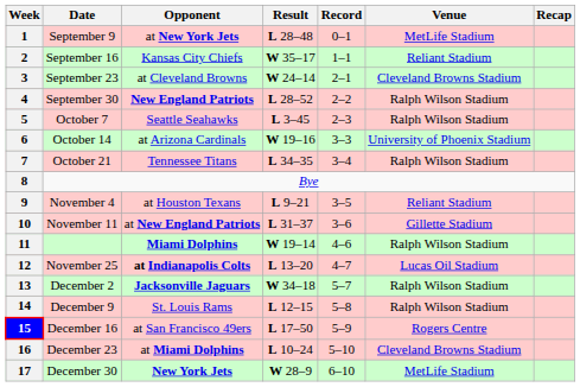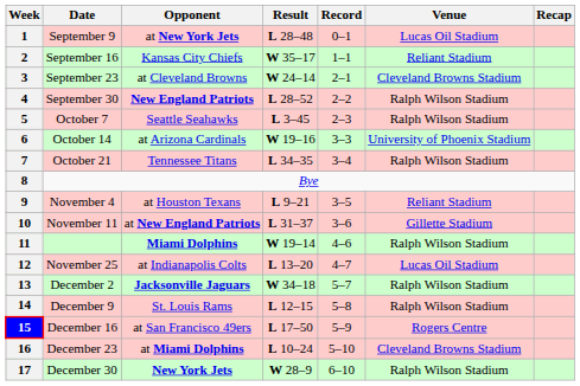 <table class="wikitable" style="text-align:center">
 <tr>
 <th>Week</th>
 <th>Date</th>
 <th>Opponent</th>
 <th>Result</th>
 <th>Record</th>
 <th>Venue</th>
 <th>Recap</th>
 </tr>
 <tr style="background:#fcc">
 <th>1</th>
 <td>September 9</td>
 <td>at <strong><a href='#'>New York Jets</a></strong></td>
 <td><strong>L</strong> 28–48</td>
 <td>0–1</td>
-<td><a href='#'>MetLife Stadium</a></td>
+<td><a href='#'>Lucas Oil Stadium</a></td>
 <td></td>
 </tr>
 <tr style="background:#cfc">
 <th>2</th>
 <td>September 16</td>
 <td><a href='#'>Kansas City Chiefs</a></td>
 <td><strong>W</strong> 35–17</td>
 <td>1–1</td>
 <td><a href='#'>Reliant Stadium</a></td>
 <td></td>
 </tr>
 <tr style="background:#cfc">
 <th>3</th>
 <td>September 23</td>
 <td>at <a href='#'>Cleveland Browns</a></td>
 <td><strong>W</strong> 24–14</td>
 <td>2–1</td>
 <td><a href='#'>Cleveland Browns Stadium</a></td>
 <td></td>
 </tr>
 <tr style="background:#fcc">
 <th>4</th>
 <td>September 30</td>
 <td><strong><a href='#'>New England Patriots</a></strong></td>
 <td><strong>L</strong> 28–52</td>
 <td>2–2</td>
 <td>Ralph Wilson Stadium</td>
 <td></td>
 </tr>
 <tr style="background:#fcc">
 <th>5</th>
 <td>October 7</td>
 <td><a href='#'>Seattle Seahawks</a></td>
 <td><strong>L</strong> 3–45</td>
 <td>2–3</td>
 <td>Ralph Wilson Stadium</td>
 <td></td>
 </tr>
 <tr style="background:#cfc">
 <th>6</th>
 <td>October 14</td>
 <td>at <a href='#'>Arizona Cardinals</a></td>
 <td><strong>W</strong> 19–16 </td>
 <td>3–3</td>
 <td><a href='#'>University of Phoenix Stadium</a></td>
 <td></td>
 </tr>
 <tr style="background:#fcc">
 <th>7</th>
 <td>October 21</td>
 <td><a href='#'>Tennessee Titans</a></td>
 <td><strong>L</strong> 34–35</td>
 <td>3–4</td>
 <td>Ralph Wilson Stadium</td>
 <td></td>
 </tr>
 <tr>
 <th>8</th>
 <td colspan="6"><em><a href='#'>Bye</a></em></td>
 </tr>
 <tr style="background:#fcc">
 <th>9</th>
 <td>November 4</td>
 <td>at <a href='#'>Houston Texans</a></td>
 <td><strong>L</strong> 9–21</td>
 <td>3–5</td>
 <td><a href='#'>Reliant Stadium</a></td>
 <td></td>
 </tr>
 <tr style="background:#fcc">
 <th>10</th>
 <td>November 11</td>
 <td>at <strong><a href='#'>New England Patriots</a></strong></td>
 <td><strong>L</strong> 31–37</td>
 <td>3–6</td>
 <td><a href='#'>Gillette Stadium</a></td>
 <td></td>
 </tr>
 <tr style="background:#cfc">
 <th>11</th>
 <td></td>
 <td><strong><a href='#'>Miami Dolphins</a></strong></td>
 <td><strong>W</strong> 19–14</td>
 <td>4–6</td>
 <td>Ralph Wilson Stadium</td>
 <td></td>
 </tr>
 <tr style="background:#fcc">
 <th>12</th>
 <td>November 25</td>
-<td><strong>at <a href='#'>Indianapolis Colts</a></strong></td>
+<td>at <a href='#'>Indianapolis Colts</a></td>
 <td><strong>L</strong> 13–20</td>
 <td>4–7</td>
 <td><a href='#'>Lucas Oil Stadium</a></td>
 <td></td>
 </tr>
 <tr style="background:#cfc">
 <th>13</th>
 <td>December 2</td>
 <td><strong><a href='#'>Jacksonville Jaguars</a></strong></td>
 <td><strong>W</strong> 34–18</td>
 <td>5–7</td>
 <td>Ralph Wilson Stadium</td>
 <td></td>
 </tr>
 <tr style="background:#fcc">
 <th>14</th>
 <td>December 9</td>
 <td><a href='#'>St. Louis Rams</a></td>
 <td><strong>L</strong> 12–15</td>
 <td>5–8</td>
 <td>Ralph Wilson Stadium</td>
 <td></td>
 </tr>
 <tr style="background:#fcc">
 <th style="background:blue; color:white; border:2px solid red;">15</th>
 <td>December 16</td>
 <td>at <a href='#'>San Francisco 49ers</a></td>
 <td><strong>L</strong> 17–50</td>
 <td>5–9</td>
 <td> <a href='#'>Rogers Centre</a> </td>
 <td></td>
 </tr>
 <tr style="background:#fcc">
 <th>16</th>
 <td>December 23</td>
 <td>at <strong><a href='#'>Miami Dolphins</a></strong></td>
 <td><strong>L</strong> 10–24</td>
 <td>5–10</td>
 <td><a href='#'>Cleveland Browns Stadium</a></td>
 <td></td>
 </tr>
 <tr style="background:#cfc">
 <th>17</th>
 <td>December 30</td>
 <td><strong><a href='#'>New York Jets</a></strong></td>
 <td><strong>W</strong> 28–9</td>
 <td>6–10</td>
-<td><a href='#'>MetLife Stadium</a></td>
+<td>Ralph Wilson Stadium</td>
 <td></td>
 </tr>
 </table>
